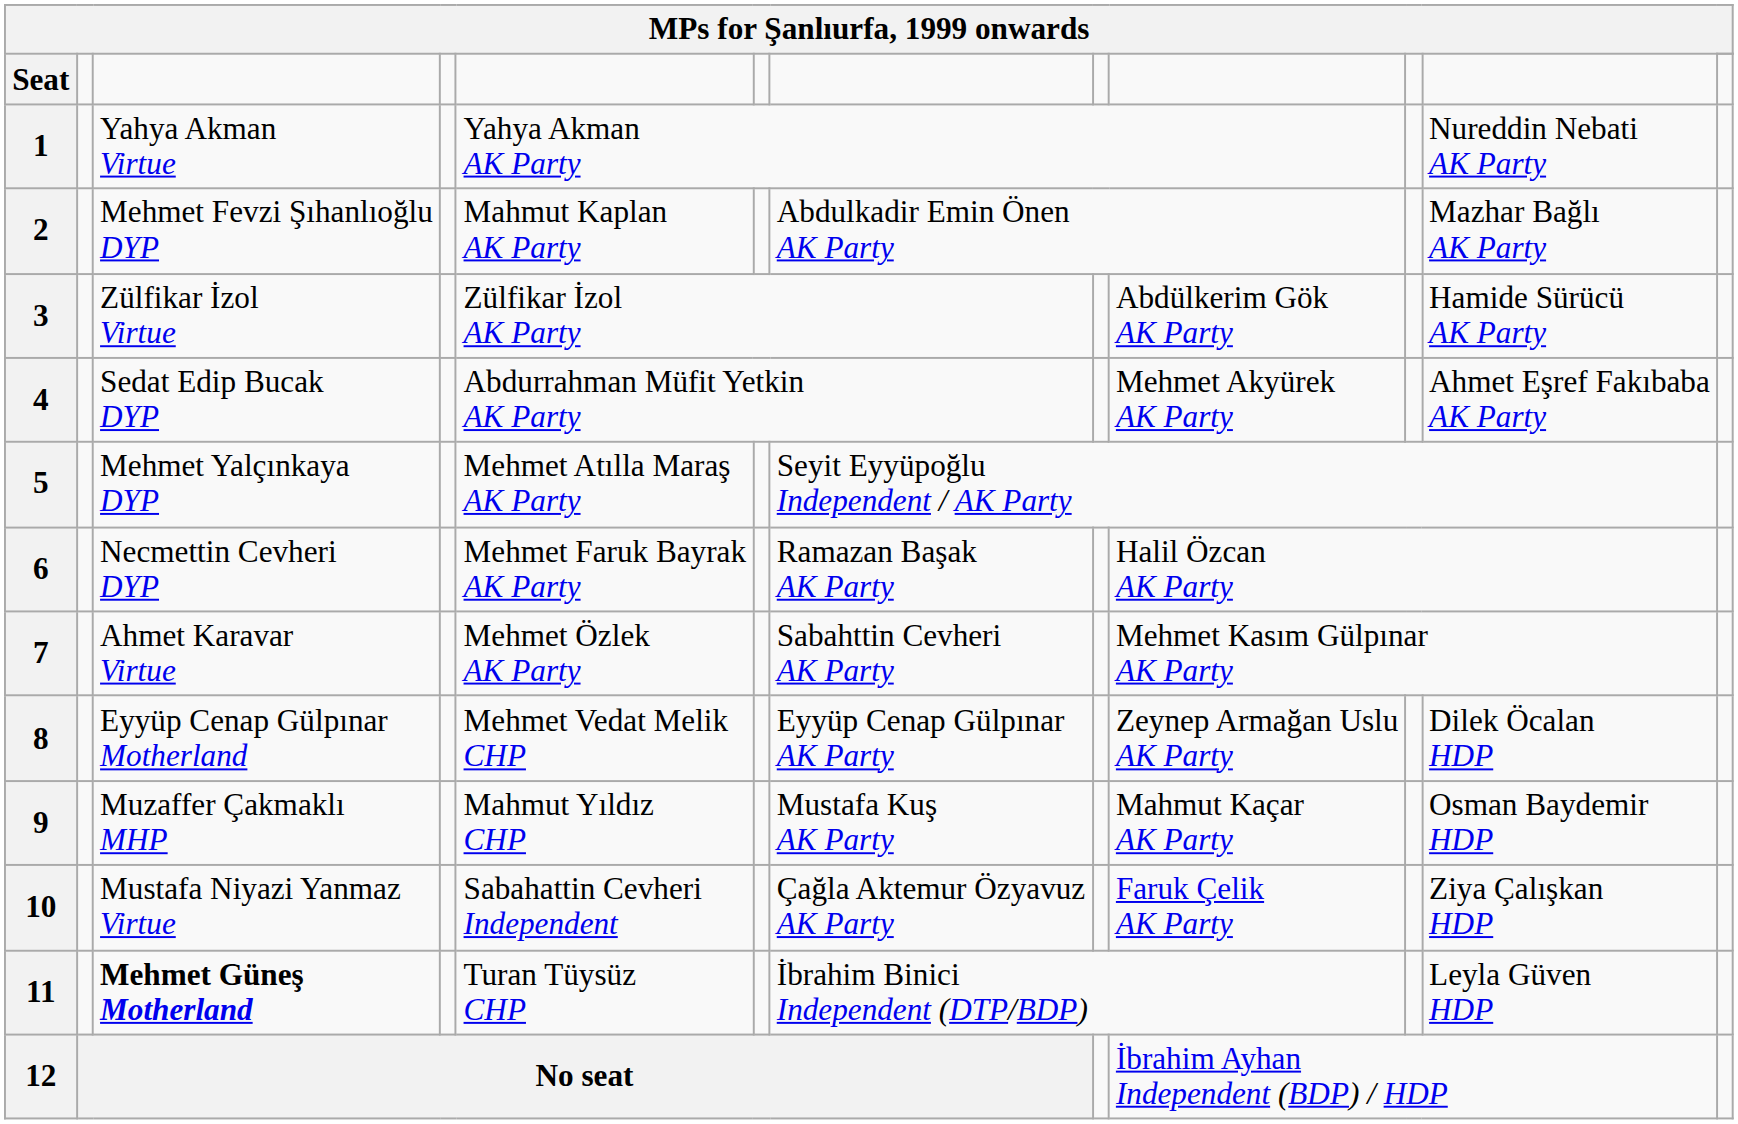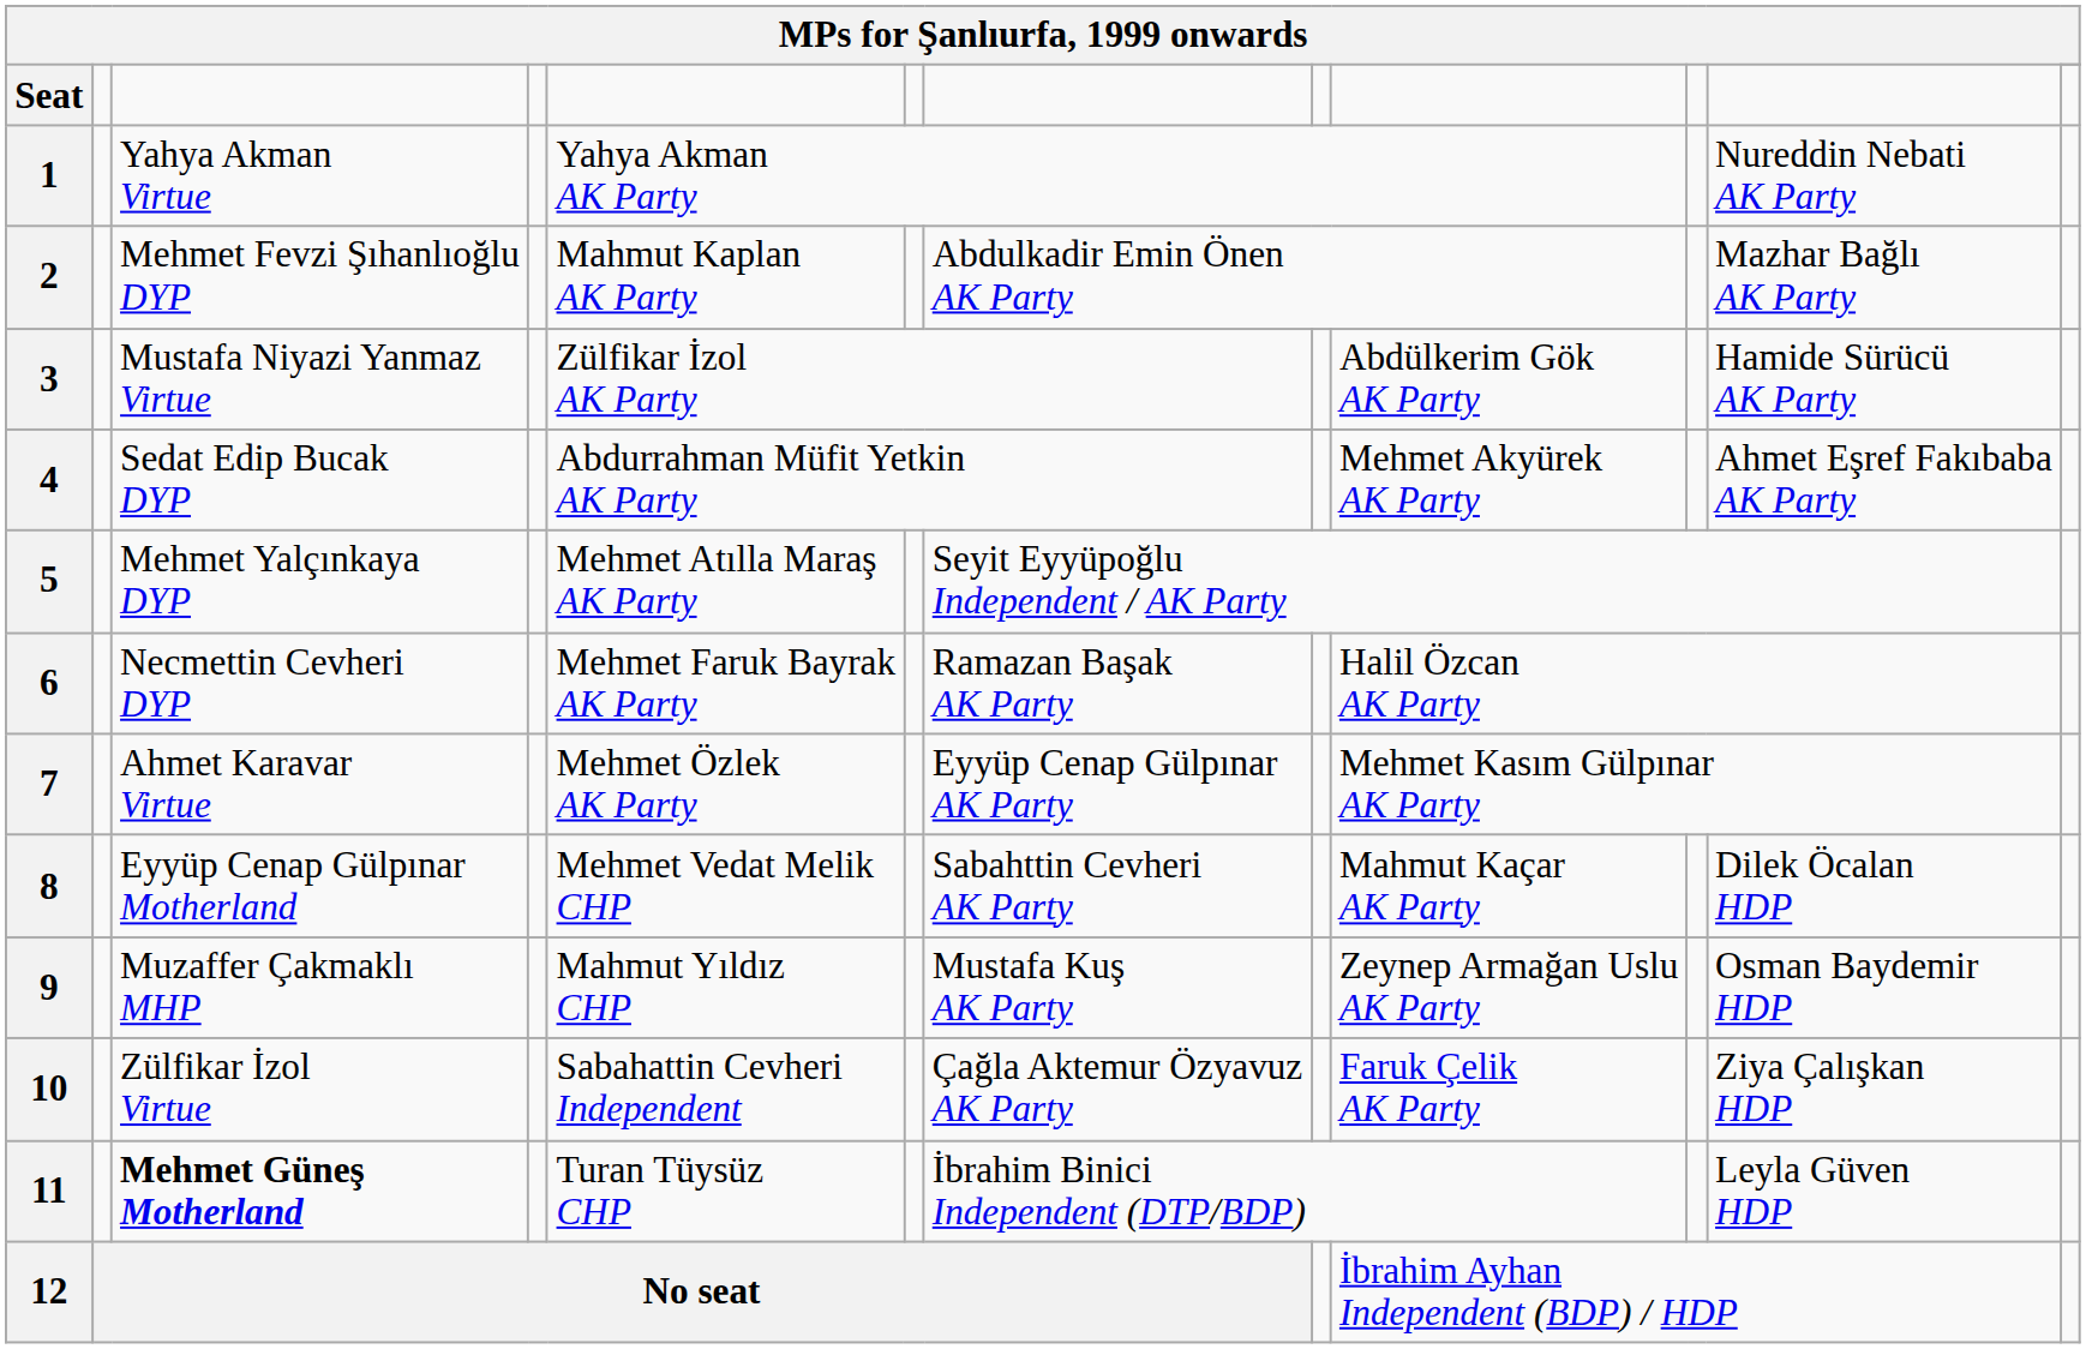 <table class="wikitable">
 <tr>
 <th colspan = 12>MPs for Şanlıurfa, 1999 onwards</th>
 </tr>
 <tr>
 <th rowspan = 2>Seat</th>
 <td rowspan="2" style="width:1px;"></td>
 <td rowspan = 2></td>
 <td rowspan="2" style="width:1px;"></td>
 <td rowspan = 2></td>
 <td rowspan="2" style="width:1px;"></td>
 <td rowspan = 2></td>
 <td rowspan="2" style="width:1px;"></td>
 <td rowspan = 2></td>
 <td rowspan="2" style="width:1px;"></td>
 <td rowspan = 2></td>
 </tr>
 <tr>
 <td></td>
 </tr>
 <tr>
 <th>1</th>
 <td width=1px style="background-color: "></td>
 <td colspan = 1>Yahya Akman<br><em><a href='#'>Virtue</a></em></td>
 <td width=1px style="background-color: "></td>
 <td colspan = 5>Yahya Akman<br><em><a href='#'>AK Party</a></em></td>
 <td width=1px style="background-color: "></td>
 <td colspan = 1>Nureddin Nebati<br><em><a href='#'>AK Party</a></em></td>
 <td width=1px style="background-color: "></td>
 </tr>
 <tr>
 <th>2</th>
 <td width=1px style="background-color: "></td>
 <td colspan = 1>Mehmet Fevzi Şıhanlıoğlu<br><em><a href='#'>DYP</a></em></td>
 <td width=1px style="background-color: "></td>
 <td colspan = 1>Mahmut Kaplan<br><em><a href='#'>AK Party</a></em></td>
 <td width=1px style="background-color: "></td>
 <td colspan = 3>Abdulkadir Emin Önen<br><em><a href='#'>AK Party</a></em></td>
 <td width=1px style="background-color: "></td>
 <td colspan = 1>Mazhar Bağlı<br><em><a href='#'>AK Party</a></em></td>
 <td width=1px style="background-color: "></td>
 </tr>
 <tr>
 <th>3</th>
 <td width=1px style="background-color: "></td>
-<td colspan = 1>Zülfikar İzol<br><em><a href='#'>Virtue</a></em></td>
+<td colspan = 1>Mustafa Niyazi Yanmaz<br><em><a href='#'>Virtue</a></em></td>
 <td width=1px style="background-color: "></td>
 <td colspan = 3>Zülfikar İzol<br><em><a href='#'>AK Party</a></em></td>
 <td width=1px style="background-color: "></td>
 <td colspan = 1>Abdülkerim Gök<br><em><a href='#'>AK Party</a></em></td>
 <td width=1px style="background-color: "></td>
 <td colspan = 1>Hamide Sürücü<br><em><a href='#'>AK Party</a></em></td>
 <td width=1px style="background-color: "></td>
 </tr>
 <tr>
 <th>4</th>
 <td width=1px style="background-color: "></td>
 <td colspan = 1>Sedat Edip Bucak<br><em><a href='#'>DYP</a></em></td>
 <td width=1px style="background-color: "></td>
 <td colspan = 3>Abdurrahman Müfit Yetkin<br><em><a href='#'>AK Party</a></em></td>
 <td width=1px style="background-color: "></td>
 <td colspan = 1>Mehmet Akyürek<br><em><a href='#'>AK Party</a></em></td>
 <td width=1px style="background-color: "></td>
 <td colspan = 1>Ahmet Eşref Fakıbaba<br><em><a href='#'>AK Party</a></em></td>
 <td width=1px style="background-color: "></td>
 </tr>
 <tr>
 <th>5</th>
 <td width=1px style="background-color: "></td>
 <td colspan = 1>Mehmet Yalçınkaya<br><em><a href='#'>DYP</a></em></td>
 <td width=1px style="background-color: "></td>
 <td colspan = 1>Mehmet Atılla Maraş<br><em><a href='#'>AK Party</a></em></td>
 <td width=1px style="background-color: "></td>
 <td colspan = 5>Seyit Eyyüpoğlu<br><em><a href='#'>Independent</a> / <a href='#'>AK Party</a></em></td>
 <td width=1px style="background-color: "></td>
 </tr>
 <tr>
 <th>6</th>
 <td width=1px style="background-color: "></td>
 <td colspan = 1>Necmettin Cevheri<br><em><a href='#'>DYP</a></em></td>
 <td width=1px style="background-color: "></td>
 <td colspan = 1>Mehmet Faruk Bayrak<br><em><a href='#'>AK Party</a></em></td>
 <td width=1px style="background-color: "></td>
 <td colspan = 1>Ramazan Başak<br><em><a href='#'>AK Party</a></em></td>
 <td width=1px style="background-color: "></td>
 <td colspan = 3>Halil Özcan<br><em><a href='#'>AK Party</a></em></td>
 <td width=1px style="background-color: "></td>
 </tr>
 <tr>
 <th>7</th>
 <td width=1px style="background-color: "></td>
 <td colspan = 1>Ahmet Karavar<br><em><a href='#'>Virtue</a></em></td>
 <td width=1px style="background-color: "></td>
 <td colspan = 1>Mehmet Özlek<br><em><a href='#'>AK Party</a></em></td>
 <td width=1px style="background-color: "></td>
-<td colspan = 1>Sabahttin Cevheri<br><em><a href='#'>AK Party</a></em></td>
+<td colspan = 1>Eyyüp Cenap Gülpınar<br><em><a href='#'>AK Party</a></em></td>
 <td width=1px style="background-color: "></td>
 <td colspan = 3>Mehmet Kasım Gülpınar<br><em><a href='#'>AK Party</a></em></td>
 <td width=1px style="background-color: "></td>
 </tr>
 <tr>
 <th>8</th>
 <td width=1px style="background-color: "></td>
 <td colspan = 1>Eyyüp Cenap Gülpınar<br><em><a href='#'>Motherland</a></em></td>
 <td width=1px style="background-color: "></td>
 <td colspan = 1>Mehmet Vedat Melik<br><em><a href='#'>CHP</a></em></td>
 <td width=1px style="background-color: "></td>
-<td colspan = 1>Eyyüp Cenap Gülpınar<br><em><a href='#'>AK Party</a></em></td>
+<td colspan = 1>Sabahttin Cevheri<br><em><a href='#'>AK Party</a></em></td>
 <td width=1px style="background-color: "></td>
-<td colspan = 1>Zeynep Armağan Uslu<br><em><a href='#'>AK Party</a></em></td>
+<td colspan = 1>Mahmut Kaçar<br><em><a href='#'>AK Party</a></em></td>
 <td width=1px style="background-color: "></td>
 <td colspan = 1>Dilek Öcalan<br><em><a href='#'>HDP</a></em></td>
 <td width=1px style="background-color: "></td>
 </tr>
 <tr>
 <th>9</th>
 <td width=1px style="background-color: "></td>
 <td colspan = 1>Muzaffer Çakmaklı<br><em><a href='#'>MHP</a></em></td>
 <td width=1px style="background-color: "></td>
 <td colspan = 1>Mahmut Yıldız<br><em><a href='#'>CHP</a></em></td>
 <td width=1px style="background-color: "></td>
 <td colspan = 1>Mustafa Kuş<br><em><a href='#'>AK Party</a></em></td>
 <td width=1px style="background-color: "></td>
-<td colspan = 1>Mahmut Kaçar<br><em><a href='#'>AK Party</a></em></td>
+<td colspan = 1>Zeynep Armağan Uslu<br><em><a href='#'>AK Party</a></em></td>
 <td width=1px style="background-color: "></td>
 <td colspan = 1>Osman Baydemir<br><em><a href='#'>HDP</a></em></td>
 <td width=1px style="background-color: "></td>
 </tr>
 <tr>
 <th>10</th>
 <td width=1px style="background-color: "></td>
-<td colspan = 1>Mustafa Niyazi Yanmaz<br><em><a href='#'>Virtue</a></em></td>
+<td colspan = 1>Zülfikar İzol<br><em><a href='#'>Virtue</a></em></td>
 <td width=1px style="background-color: "></td>
 <td colspan = 1>Sabahattin Cevheri<br><em><a href='#'>Independent</a></em></td>
 <td width=1px style="background-color: "></td>
 <td colspan = 1>Çağla Aktemur Özyavuz<br><em><a href='#'>AK Party</a></em></td>
 <td width=1px style="background-color: "></td>
 <td colspan = 1><a href='#'>Faruk Çelik</a><br><em><a href='#'>AK Party</a></em></td>
 <td width=1px style="background-color: "></td>
 <td colspan = 1>Ziya Çalışkan<br><em><a href='#'>HDP</a></em></td>
 <td width=1px style="background-color: "></td>
 </tr>
 <tr>
 <th>11</th>
 <td width=1px style="background-color: "></td>
 <td colspan = 1><strong>Mehmet Güneş<br><em><a href='#'>Motherland</a></em></strong></td>
 <td width=1px style="background-color: "></td>
 <td colspan = 1>Turan Tüysüz<br><em><a href='#'>CHP</a></em></td>
 <td width=1px style="background-color: "></td>
 <td colspan = 3>İbrahim Binici<br><em><a href='#'>Independent</a> (<a href='#'>DTP</a>/<a href='#'>BDP</a>)</em></td>
 <td width=1px style="background-color: "></td>
 <td colspan = 1>Leyla Güven<br><em><a href='#'>HDP</a></em></td>
 <td width=1px style="background-color: "></td>
 </tr>
 <tr>
 <th>12</th>
 <th colspan = 6>No seat</th>
 <td width=1px style="background-color: "></td>
 <td colspan = 3><a href='#'>İbrahim Ayhan</a><br><em><a href='#'>Independent</a> (<a href='#'>BDP</a>) / <a href='#'>HDP</a></em></td>
 <td width=1px style="background-color: "></td>
 </tr>
 </table>
